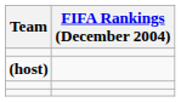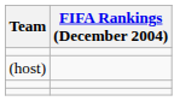 <table class="wikitable sortable" style="text-align: left;">
 <tr>
 <th>Team</th>
 <th><a href='#'>FIFA Rankings</a><br>(December 2004)</th>
 </tr>
 <tr>
 <td></td>
 <td></td>
 </tr>
 <tr>
-<td><strong> (host)</strong></td>
+<td> (host)</td>
 <td></td>
 </tr>
 <tr>
 <td></td>
 <td></td>
 </tr>
 <tr>
 <td></td>
 <td></td>
 </tr>
 </table>
